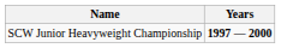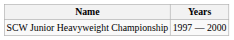 <table class="wikitable" border="1">
 <tr>
 <th>Name</th>
 <th>Years</th>
 </tr>
 <tr>
 <td>SCW Junior Heavyweight Championship</td>
-<td><strong>1997 — 2000</strong></td>
+<td>1997 — 2000</td>
 </tr>
 </table>
